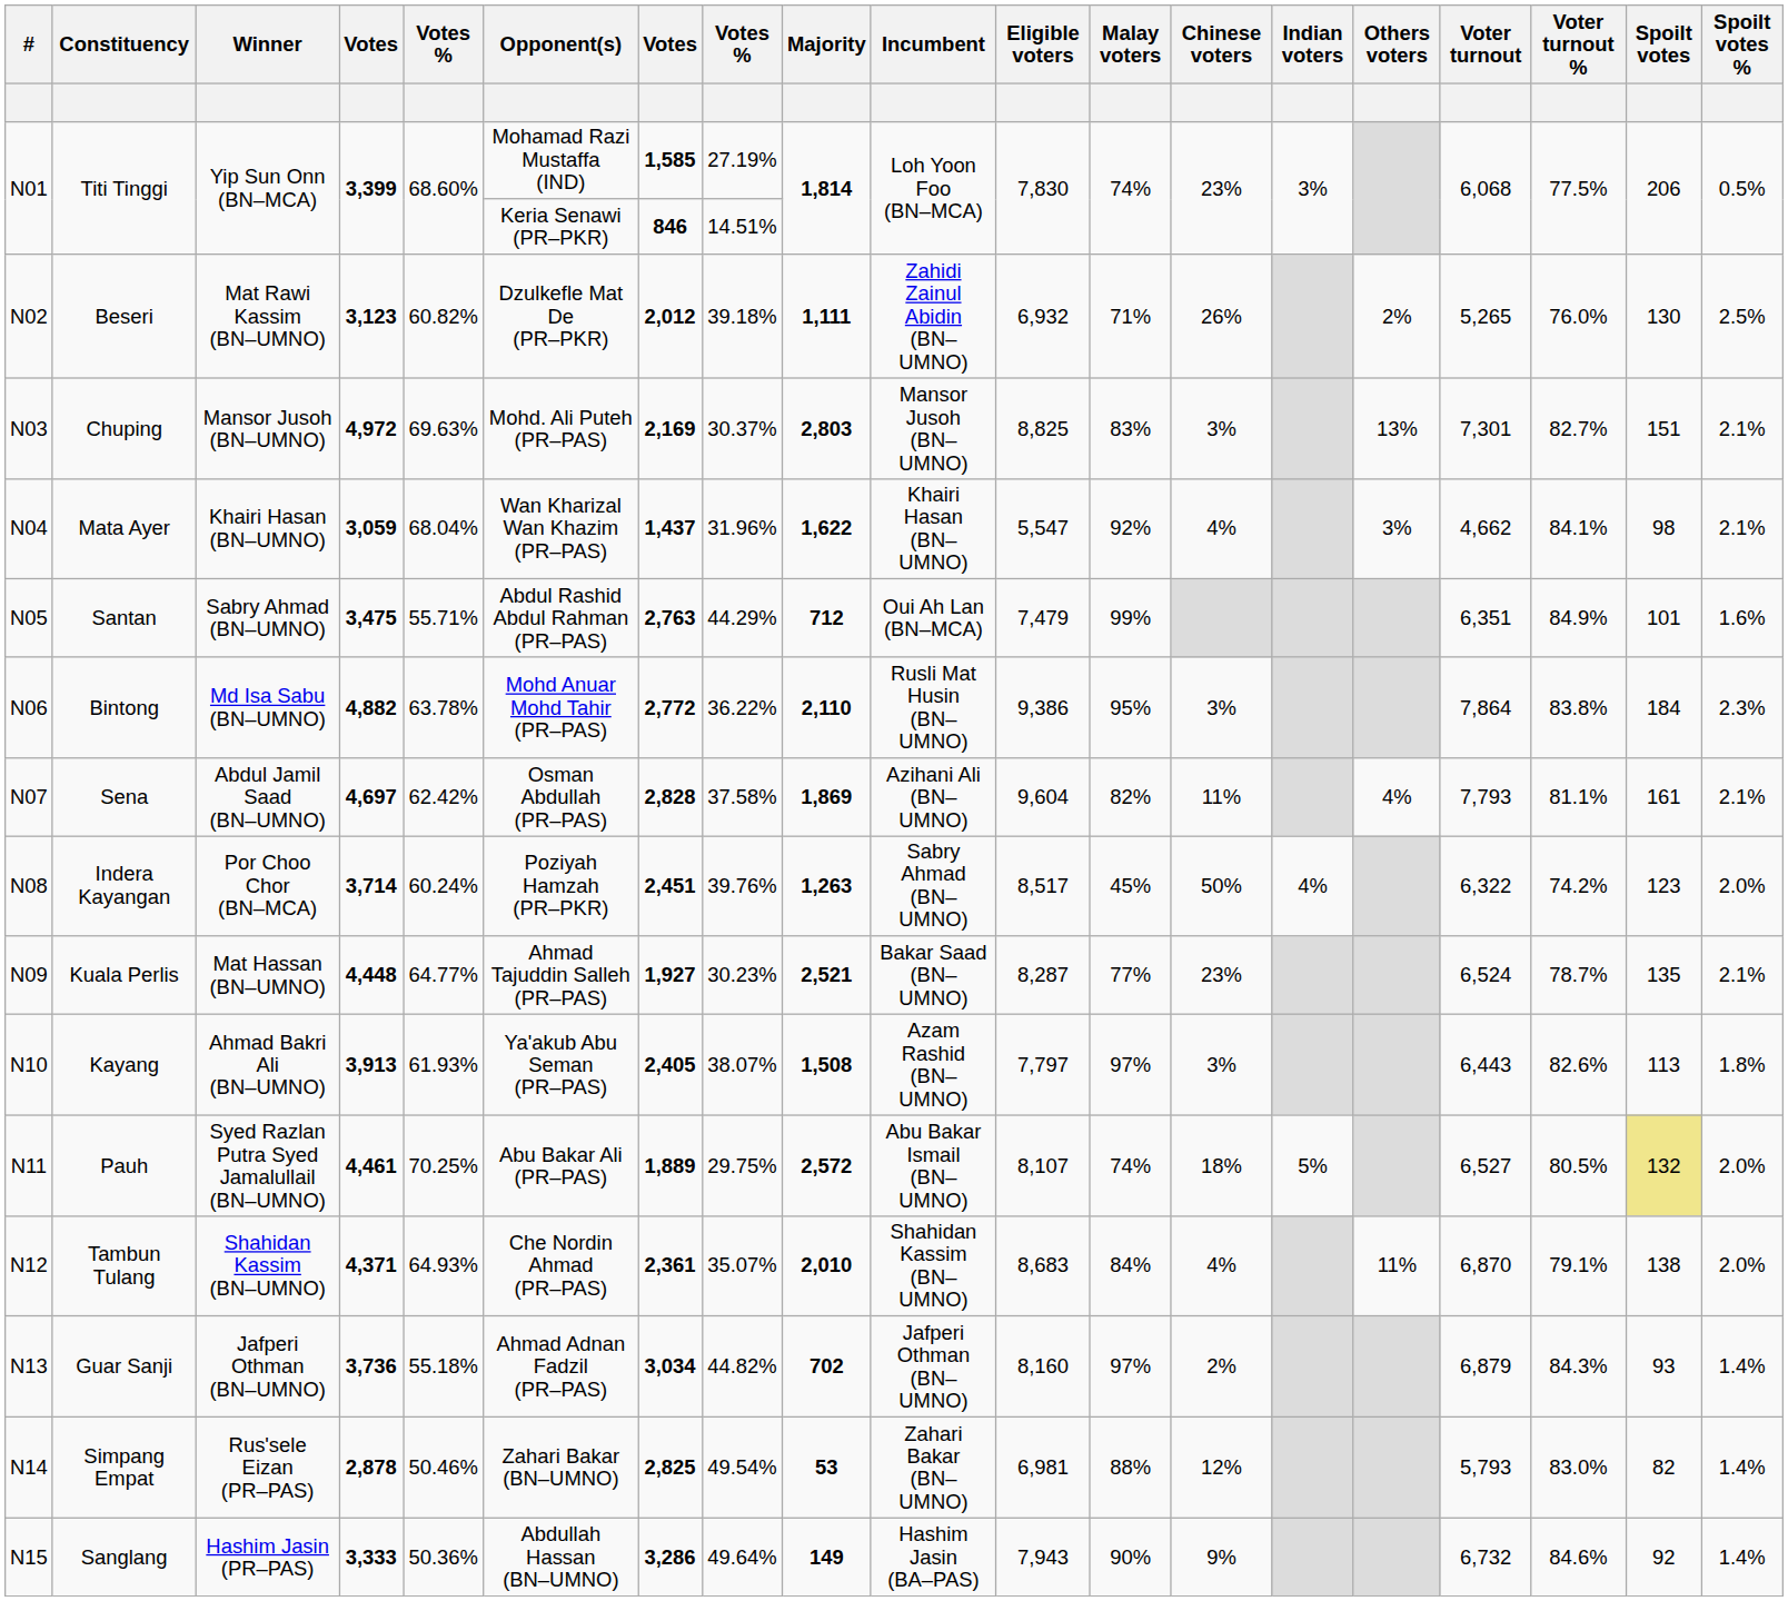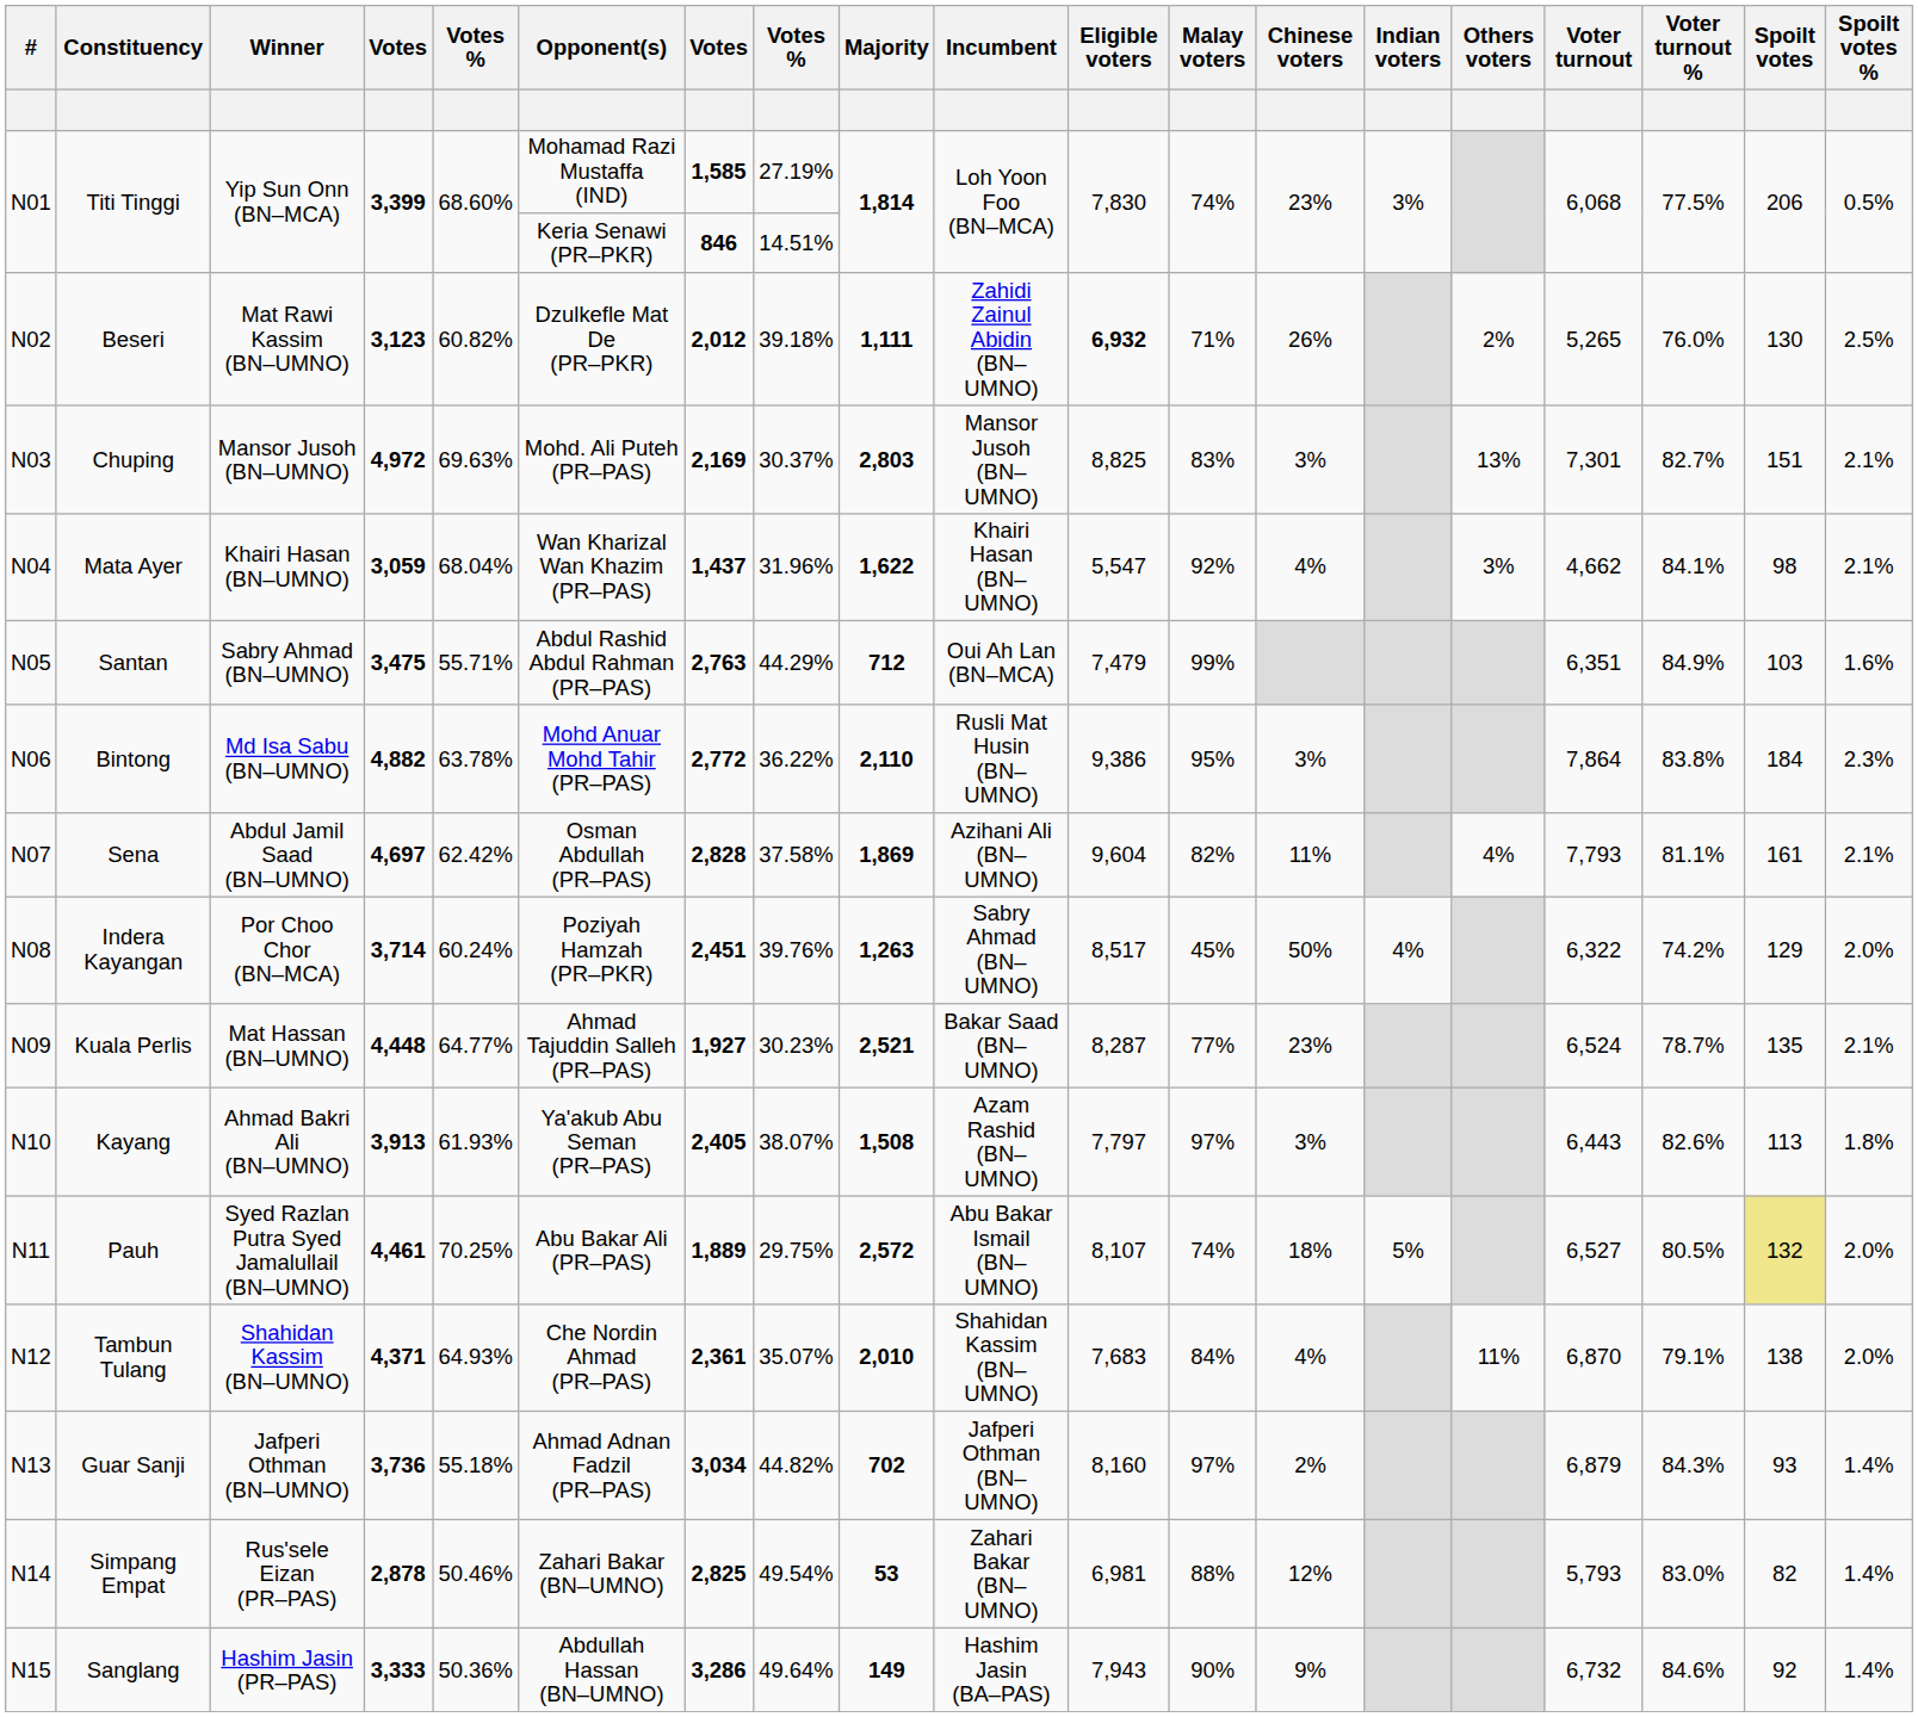 <table class="wikitable sortable" style="text-align:center; font-size:90%">
 <tr>
 <th>#</th>
 <th>Constituency</th>
 <th>Winner</th>
 <th>Votes</th>
 <th>Votes %</th>
 <th>Opponent(s)</th>
 <th>Votes</th>
 <th>Votes %</th>
 <th>Majority</th>
 <th>Incumbent</th>
 <th>Eligible voters</th>
 <th>Malay voters</th>
 <th>Chinese voters</th>
 <th>Indian voters</th>
 <th>Others voters</th>
 <th>Voter turnout</th>
 <th>Voter turnout %</th>
 <th>Spoilt votes</th>
 <th>Spoilt votes %</th>
 </tr>
 <tr>
 <th height="20"></th>
 <th></th>
 <th></th>
 <th></th>
 <th></th>
 <th></th>
 <th></th>
 <th></th>
 <th></th>
 <th></th>
 <th></th>
 <th></th>
 <th></th>
 <th></th>
 <th></th>
 <th></th>
 <th></th>
 <th></th>
 <th></th>
 </tr>
 <tr>
 <td rowspan="2">N01</td>
 <td rowspan="2">Titi Tinggi</td>
 <td rowspan="2">Yip Sun Onn<br>(BN–MCA)</td>
 <td rowspan="2"><strong>3,399</strong></td>
 <td rowspan="2">68.60%</td>
 <td>Mohamad Razi Mustaffa<br>(IND)</td>
 <td><strong>1,585</strong></td>
 <td>27.19%</td>
 <td rowspan="2"><strong>1,814</strong></td>
 <td rowspan="2">Loh Yoon Foo<br>(BN–MCA)</td>
 <td rowspan="2">7,830</td>
 <td rowspan="2">74%</td>
 <td rowspan="2">23%</td>
 <td rowspan="2">3%</td>
 <td rowspan="2" bgcolor="dcdcdc"></td>
 <td rowspan="2">6,068</td>
 <td rowspan="2">77.5%</td>
 <td rowspan="2">206</td>
 <td rowspan="2">0.5%</td>
 </tr>
 <tr>
 <td>Keria Senawi<br>(PR–PKR)</td>
 <td><strong>846</strong></td>
 <td>14.51%</td>
 </tr>
 <tr align="center">
 <td>N02</td>
 <td>Beseri</td>
 <td>Mat Rawi Kassim<br>(BN–UMNO)</td>
 <td><strong>3,123</strong></td>
 <td>60.82%</td>
 <td>Dzulkefle Mat De<br>(PR–PKR)</td>
 <td><strong>2,012</strong></td>
 <td>39.18%</td>
 <td><strong>1,111</strong></td>
 <td><a href='#'>Zahidi Zainul Abidin</a><br>(BN–UMNO)</td>
-<td>6,932</td>
+<td><strong>6,932</strong></td>
 <td>71%</td>
 <td>26%</td>
 <td bgcolor="dcdcdc"></td>
 <td>2%</td>
 <td>5,265</td>
 <td>76.0%</td>
 <td>130</td>
 <td>2.5%</td>
 </tr>
 <tr align="center">
 <td>N03</td>
 <td>Chuping</td>
 <td>Mansor Jusoh<br>(BN–UMNO)</td>
 <td><strong>4,972</strong></td>
 <td>69.63%</td>
 <td>Mohd. Ali Puteh<br>(PR–PAS)</td>
 <td><strong>2,169</strong></td>
 <td>30.37%</td>
 <td><strong>2,803</strong></td>
 <td>Mansor Jusoh<br>(BN–UMNO)</td>
 <td>8,825</td>
 <td>83%</td>
 <td>3%</td>
 <td bgcolor="dcdcdc"></td>
 <td>13%</td>
 <td>7,301</td>
 <td>82.7%</td>
 <td>151</td>
 <td>2.1%</td>
 </tr>
 <tr align="center">
 <td>N04</td>
 <td>Mata Ayer</td>
 <td>Khairi Hasan<br>(BN–UMNO)</td>
 <td><strong>3,059</strong></td>
 <td>68.04%</td>
 <td>Wan Kharizal Wan Khazim<br>(PR–PAS)</td>
 <td><strong>1,437</strong></td>
 <td>31.96%</td>
 <td><strong>1,622</strong></td>
 <td>Khairi Hasan<br>(BN–UMNO)</td>
 <td>5,547</td>
 <td>92%</td>
 <td>4%</td>
 <td bgcolor="dcdcdc"></td>
 <td>3%</td>
 <td>4,662</td>
 <td>84.1%</td>
 <td>98</td>
 <td>2.1%</td>
 </tr>
 <tr align="center">
 <td>N05</td>
 <td>Santan</td>
 <td>Sabry Ahmad<br>(BN–UMNO)</td>
 <td><strong>3,475</strong></td>
 <td>55.71%</td>
 <td>Abdul Rashid Abdul Rahman<br>(PR–PAS)</td>
 <td><strong>2,763</strong></td>
 <td>44.29%</td>
 <td><strong>712</strong></td>
 <td>Oui Ah Lan<br>(BN–MCA)</td>
 <td>7,479</td>
 <td>99%</td>
 <td bgcolor="dcdcdc"></td>
 <td bgcolor="dcdcdc"></td>
 <td bgcolor="dcdcdc"></td>
 <td>6,351</td>
 <td>84.9%</td>
-<td>101</td>
+<td>103</td>
 <td>1.6%</td>
 </tr>
 <tr align="center">
 <td>N06</td>
 <td>Bintong</td>
 <td><a href='#'>Md Isa Sabu</a><br>(BN–UMNO)</td>
 <td><strong>4,882</strong></td>
 <td>63.78%</td>
 <td><a href='#'>Mohd Anuar Mohd Tahir</a><br>(PR–PAS)</td>
 <td><strong>2,772</strong></td>
 <td>36.22%</td>
 <td><strong>2,110</strong></td>
 <td>Rusli Mat Husin<br>(BN–UMNO)</td>
 <td>9,386</td>
 <td>95%</td>
 <td>3%</td>
 <td bgcolor="dcdcdc"></td>
 <td bgcolor="dcdcdc"></td>
 <td>7,864</td>
 <td>83.8%</td>
 <td>184</td>
 <td>2.3%</td>
 </tr>
 <tr align="center">
 <td>N07</td>
 <td>Sena</td>
 <td>Abdul Jamil Saad<br>(BN–UMNO)</td>
 <td><strong>4,697</strong></td>
 <td>62.42%</td>
 <td>Osman Abdullah<br>(PR–PAS)</td>
 <td><strong>2,828</strong></td>
 <td>37.58%</td>
 <td><strong>1,869</strong></td>
 <td>Azihani Ali<br>(BN–UMNO)</td>
 <td>9,604</td>
 <td>82%</td>
 <td>11%</td>
 <td bgcolor="dcdcdc"></td>
 <td>4%</td>
 <td>7,793</td>
 <td>81.1%</td>
 <td>161</td>
 <td>2.1%</td>
 </tr>
 <tr align="center">
 <td>N08</td>
 <td>Indera Kayangan</td>
 <td>Por Choo Chor<br>(BN–MCA)</td>
 <td><strong>3,714</strong></td>
 <td>60.24%</td>
 <td>Poziyah Hamzah<br>(PR–PKR)</td>
 <td><strong>2,451</strong></td>
 <td>39.76%</td>
 <td><strong>1,263</strong></td>
 <td>Sabry Ahmad<br>(BN–UMNO)</td>
 <td>8,517</td>
 <td>45%</td>
 <td>50%</td>
 <td>4%</td>
 <td bgcolor="dcdcdc"></td>
 <td>6,322</td>
 <td>74.2%</td>
-<td>123</td>
+<td>129</td>
 <td>2.0%</td>
 </tr>
 <tr align="center">
 <td>N09</td>
 <td>Kuala Perlis</td>
 <td>Mat Hassan<br>(BN–UMNO)</td>
 <td><strong>4,448</strong></td>
 <td>64.77%</td>
 <td>Ahmad Tajuddin Salleh<br>(PR–PAS)</td>
 <td><strong>1,927</strong></td>
 <td>30.23%</td>
 <td><strong>2,521</strong></td>
 <td>Bakar Saad<br>(BN–UMNO)</td>
 <td>8,287</td>
 <td>77%</td>
 <td>23%</td>
 <td bgcolor="dcdcdc"></td>
 <td bgcolor="dcdcdc"></td>
 <td>6,524</td>
 <td>78.7%</td>
 <td>135</td>
 <td>2.1%</td>
 </tr>
 <tr align="center">
 <td>N10</td>
 <td>Kayang</td>
 <td>Ahmad Bakri Ali<br>(BN–UMNO)</td>
 <td><strong>3,913</strong></td>
 <td>61.93%</td>
 <td>Ya'akub Abu Seman<br>(PR–PAS)</td>
 <td><strong>2,405</strong></td>
 <td>38.07%</td>
 <td><strong>1,508</strong></td>
 <td>Azam Rashid<br>(BN–UMNO)</td>
 <td>7,797</td>
 <td>97%</td>
 <td>3%</td>
 <td bgcolor="dcdcdc"></td>
 <td bgcolor="dcdcdc"></td>
 <td>6,443</td>
 <td>82.6%</td>
 <td>113</td>
 <td>1.8%</td>
 </tr>
 <tr align="center">
 <td>N11</td>
 <td>Pauh</td>
 <td>Syed Razlan Putra Syed Jamalullail<br>(BN–UMNO)</td>
 <td><strong>4,461</strong></td>
 <td>70.25%</td>
 <td>Abu Bakar Ali<br>(PR–PAS)</td>
 <td><strong>1,889</strong></td>
 <td>29.75%</td>
 <td><strong>2,572</strong></td>
 <td>Abu Bakar Ismail<br>(BN–UMNO)</td>
 <td>8,107</td>
 <td>74%</td>
 <td>18%</td>
 <td>5%</td>
 <td bgcolor="dcdcdc"></td>
 <td>6,527</td>
 <td>80.5%</td>
 <td style="background: khaki;">132</td>
 <td>2.0%</td>
 </tr>
 <tr align="center">
 <td>N12</td>
 <td>Tambun Tulang</td>
 <td><a href='#'>Shahidan Kassim</a><br>(BN–UMNO)</td>
 <td><strong>4,371</strong></td>
 <td>64.93%</td>
 <td>Che Nordin Ahmad<br>(PR–PAS)</td>
 <td><strong>2,361</strong></td>
 <td>35.07%</td>
 <td><strong>2,010</strong></td>
 <td>Shahidan Kassim<br>(BN–UMNO)</td>
-<td>8,683</td>
+<td>7,683</td>
 <td>84%</td>
 <td>4%</td>
 <td bgcolor="dcdcdc"></td>
 <td>11%</td>
 <td>6,870</td>
 <td>79.1%</td>
 <td>138</td>
 <td>2.0%</td>
 </tr>
 <tr align="center">
 <td>N13</td>
 <td>Guar Sanji</td>
 <td>Jafperi Othman<br>(BN–UMNO)</td>
 <td><strong>3,736</strong></td>
 <td>55.18%</td>
 <td>Ahmad Adnan Fadzil<br>(PR–PAS)</td>
 <td><strong>3,034</strong></td>
 <td>44.82%</td>
 <td><strong>702</strong></td>
 <td>Jafperi Othman<br>(BN–UMNO)</td>
 <td>8,160</td>
 <td>97%</td>
 <td>2%</td>
 <td bgcolor="dcdcdc"></td>
 <td bgcolor="dcdcdc"></td>
 <td>6,879</td>
 <td>84.3%</td>
 <td>93</td>
 <td>1.4%</td>
 </tr>
 <tr align="center">
 <td>N14</td>
 <td>Simpang Empat</td>
 <td>Rus'sele Eizan<br>(PR–PAS)</td>
 <td><strong>2,878</strong></td>
 <td>50.46%</td>
 <td>Zahari Bakar<br>(BN–UMNO)</td>
 <td><strong>2,825</strong></td>
 <td>49.54%</td>
 <td><strong>53</strong></td>
 <td>Zahari Bakar<br>(BN–UMNO)</td>
 <td>6,981</td>
 <td>88%</td>
 <td>12%</td>
 <td bgcolor="dcdcdc"></td>
 <td bgcolor="dcdcdc"></td>
 <td>5,793</td>
 <td>83.0%</td>
 <td>82</td>
 <td>1.4%</td>
 </tr>
 <tr align="center">
 <td>N15</td>
 <td>Sanglang</td>
 <td><a href='#'>Hashim Jasin</a><br>(PR–PAS)</td>
 <td><strong>3,333</strong></td>
 <td>50.36%</td>
 <td>Abdullah Hassan<br>(BN–UMNO)</td>
 <td><strong>3,286</strong></td>
 <td>49.64%</td>
 <td><strong>149</strong></td>
 <td>Hashim Jasin<br>(BA–PAS)</td>
 <td>7,943</td>
 <td>90%</td>
 <td>9%</td>
 <td bgcolor="dcdcdc"></td>
 <td bgcolor="dcdcdc"></td>
 <td>6,732</td>
 <td>84.6%</td>
 <td>92</td>
 <td>1.4%</td>
 </tr>
 </table>
